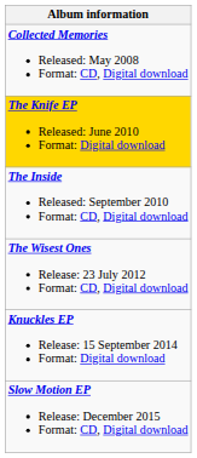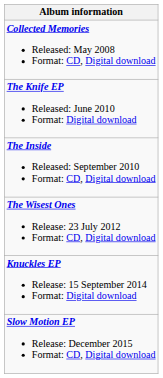 <table class="wikitable">
 <tr>
 <th><strong>Album information</strong></th>
 </tr>
 <tr>
 <td><strong><em><a href='#'>Collected Memories</a></em></strong><br><ul><li>Released: May 2008</li><li>Format: <a href='#'>CD</a>, <a href='#'>Digital download</a></li></ul></td>
 </tr>
 <tr>
-<td style="background: gold;"><strong><em><a href='#'>The Knife EP</a></em></strong><br><ul><li>Released: June 2010</li><li>Format: <a href='#'>Digital download</a></li></ul></td>
+<td><strong><em><a href='#'>The Knife EP</a></em></strong><br><ul><li>Released: June 2010</li><li>Format: <a href='#'>Digital download</a></li></ul></td>
 </tr>
 <tr>
 <td><strong><em><a href='#'>The Inside</a></em></strong><br><ul><li>Released: September 2010</li><li>Format: <a href='#'>CD</a>, <a href='#'>Digital download</a></li></ul></td>
 </tr>
 <tr>
 <td><strong><em><a href='#'>The Wisest Ones</a></em></strong><br><ul><li>Release: 23 July 2012</li><li>Format: <a href='#'>CD</a>, <a href='#'>Digital download</a></li></ul></td>
 </tr>
 <tr>
 <td><strong><em><a href='#'>Knuckles EP</a></em></strong><br><ul><li>Release: 15 September 2014</li><li>Format: <a href='#'>Digital download</a></li></ul></td>
 </tr>
 <tr>
 <td><strong><em><a href='#'>Slow Motion EP</a></em></strong><br><ul><li>Release: December 2015</li><li>Format: <a href='#'>CD</a>, <a href='#'>Digital download</a></li></ul></td>
 </tr>
 </table>
